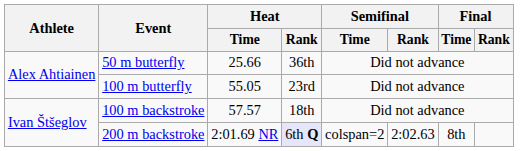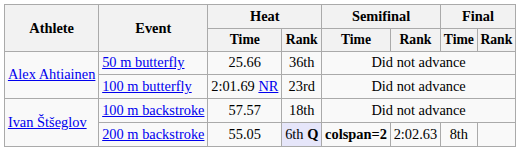 <table class=wikitable style="font-size:90%">
 <tr>
 <th rowspan=2>Athlete</th>
 <th rowspan=2>Event</th>
 <th colspan=2>Heat</th>
 <th colspan=2>Semifinal</th>
 <th colspan=2>Final</th>
 </tr>
 <tr style="font-size:95%">
 <th>Time</th>
 <th>Rank</th>
 <th>Time</th>
 <th>Rank</th>
 <th>Time</th>
 <th>Rank</th>
 </tr>
 <tr align=center>
 <td rowspan=2 align=left><a href='#'>Alex Ahtiainen</a></td>
 <td align=left><a href='#'>50 m butterfly</a></td>
 <td>25.66</td>
 <td>36th</td>
 <td colspan=4>Did not advance</td>
 </tr>
 <tr align=center>
 <td align=left><a href='#'>100 m butterfly</a></td>
-<td>55.05</td>
+<td>2:01.69 <a href='#'>NR</a></td>
 <td>23rd</td>
 <td colspan=4>Did not advance</td>
 </tr>
 <tr align=center>
 <td rowspan=2 align=left><a href='#'>Ivan Štšeglov</a></td>
 <td align=left><a href='#'>100 m backstroke</a></td>
 <td>57.57</td>
 <td>18th </td>
 <td colspan=4>Did not advance</td>
 </tr>
 <tr align=center>
 <td align=left><a href='#'>200 m backstroke</a></td>
-<td>2:01.69 <a href='#'>NR</a></td>
+<td>55.05</td>
 <td style="background: lavender;">6th <strong>Q</strong></td>
-<td>colspan=2 </td>
+<td><strong>colspan=2 </strong></td>
 <td>2:02.63</td>
 <td>8th</td>
 </tr>
 </table>
